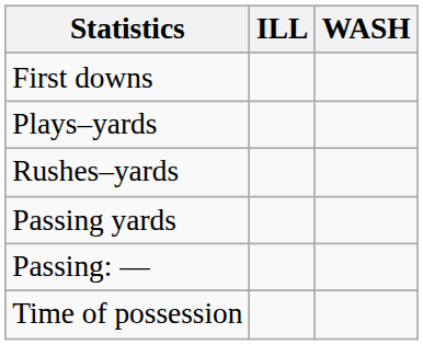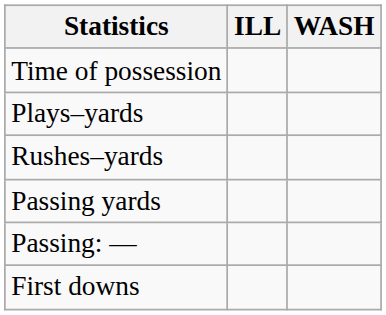 <table class="wikitable" style="float:left">
 <tr>
 <th>Statistics</th>
 <th>ILL</th>
 <th>WASH</th>
 </tr>
 <tr>
-<td>First downs</td>
+<td>Time of possession</td>
 <td></td>
 <td></td>
 </tr>
 <tr>
 <td>Plays–yards</td>
 <td></td>
 <td></td>
 </tr>
 <tr>
 <td>Rushes–yards</td>
 <td></td>
 <td></td>
 </tr>
 <tr>
 <td>Passing yards</td>
 <td></td>
 <td></td>
 </tr>
 <tr>
 <td>Passing: ––</td>
 <td></td>
 <td></td>
 </tr>
 <tr>
-<td>Time of possession</td>
+<td>First downs</td>
 <td></td>
 <td></td>
 </tr>
 </table>
